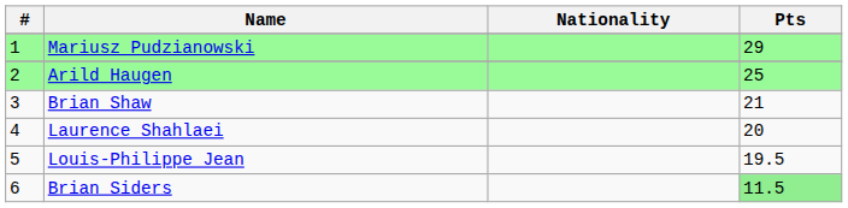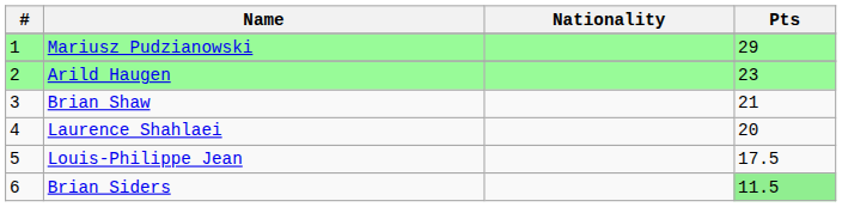 <table class="wikitable" style="display: inline-table; width: 50%;">
 <tr>
 <th>#</th>
 <th>Name</th>
 <th>Nationality</th>
 <th>Pts</th>
 </tr>
 <tr>
 </tr>
 <tr style="background:palegreen;">
 <td>1</td>
 <td><a href='#'>Mariusz Pudzianowski</a></td>
 <td></td>
 <td>29</td>
 </tr>
 <tr>
 </tr>
 <tr style="background:palegreen;">
 <td>2</td>
 <td><a href='#'>Arild Haugen</a></td>
 <td></td>
-<td>25</td>
+<td>23</td>
 </tr>
 <tr>
 <td>3</td>
 <td><a href='#'>Brian Shaw</a></td>
 <td></td>
 <td>21</td>
 </tr>
 <tr>
 <td>4</td>
 <td><a href='#'>Laurence Shahlaei</a></td>
 <td></td>
 <td>20</td>
 </tr>
 <tr>
 <td>5</td>
 <td><a href='#'>Louis-Philippe Jean</a></td>
 <td></td>
-<td>19.5</td>
+<td>17.5</td>
 </tr>
 <tr>
 <td>6</td>
 <td><a href='#'>Brian Siders</a></td>
 <td></td>
 <td style="background: lightgreen;">11.5</td>
 </tr>
 </table>
